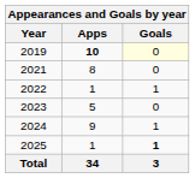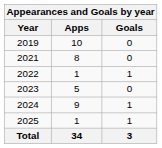 <table class="wikitable sortable" style="text-align:center">
 <tr>
 <th colspan=5>Appearances and Goals by year</th>
 </tr>
 <tr>
 <th>Year</th>
 <th>Apps</th>
 <th>Goals</th>
 </tr>
 <tr>
 <td>2019</td>
-<td><strong>10</strong></td>
-<td style="background: lightyellow;">0</td>
+<td>10</td>
+<td>0</td>
 </tr>
 <tr>
 <td>2021</td>
 <td>8</td>
 <td>0</td>
 </tr>
 <tr>
 <td>2022</td>
 <td>1</td>
 <td>1</td>
 </tr>
 <tr>
 <td>2023</td>
 <td>5</td>
 <td>0</td>
 </tr>
 <tr>
 <td>2024</td>
 <td>9</td>
 <td>1</td>
 </tr>
 <tr>
 <td>2025</td>
 <td>1</td>
-<td><strong>1</strong></td>
+<td>1</td>
 </tr>
 <tr>
 <th>Total</th>
 <th>34</th>
 <th>3</th>
 </tr>
 </table>
